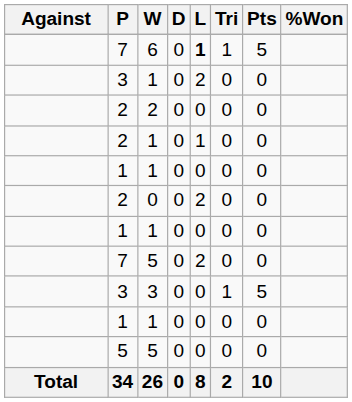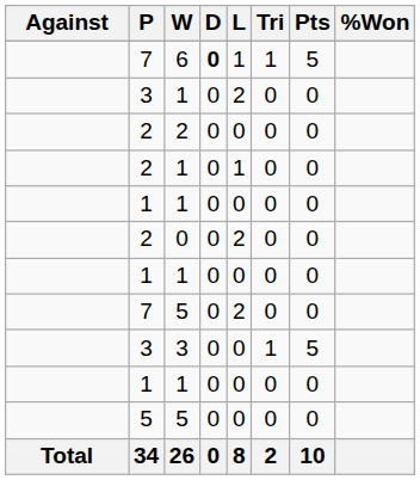 <table class="wikitable sortable"  style="text-align:center; font-size:100%;">
 <tr>
 <th style="width:30%;">Against</th>
 <th abbr="Played" style="width:15px;">P</th>
 <th abbr="Won" style="width:10px;">W</th>
 <th abbr="Drawn" style="width:10px;">D</th>
 <th abbr="Lost" style="width:10px;">L</th>
 <th abbr="Tries" style="width:15px;">Tri</th>
 <th abbr="Points" style="width:18px;">Pts</th>
 <th abbr="Won" style="width:18px;">%Won</th>
 </tr>
 <tr bgcolor="#d0ffd0" align="center">
 </tr>
 <tr>
 <td align="left"></td>
 <td>7</td>
 <td>6</td>
-<td>0</td>
-<td><strong>1</strong></td>
+<td><strong>0</strong></td>
+<td>1</td>
 <td>1</td>
 <td>5</td>
 <td></td>
 </tr>
 <tr>
 <td align="left"></td>
 <td>3</td>
 <td>1</td>
 <td>0</td>
 <td>2</td>
 <td>0</td>
 <td>0</td>
 <td></td>
 </tr>
 <tr>
 <td align="left"></td>
 <td>2</td>
 <td>2</td>
 <td>0</td>
 <td>0</td>
 <td>0</td>
 <td>0</td>
 <td></td>
 </tr>
 <tr>
 <td align="left"></td>
 <td>2</td>
 <td>1</td>
 <td>0</td>
 <td>1</td>
 <td>0</td>
 <td>0</td>
 <td></td>
 </tr>
 <tr>
 <td align="left"></td>
 <td>1</td>
 <td>1</td>
 <td>0</td>
 <td>0</td>
 <td>0</td>
 <td>0</td>
 <td></td>
 </tr>
 <tr>
 <td align="left"></td>
 <td>2</td>
 <td>0</td>
 <td>0</td>
 <td>2</td>
 <td>0</td>
 <td>0</td>
 <td></td>
 </tr>
 <tr>
 <td align="left"></td>
 <td>1</td>
 <td>1</td>
 <td>0</td>
 <td>0</td>
 <td>0</td>
 <td>0</td>
 <td></td>
 </tr>
 <tr>
 <td align="left"></td>
 <td>7</td>
 <td>5</td>
 <td>0</td>
 <td>2</td>
 <td>0</td>
 <td>0</td>
 <td></td>
 </tr>
 <tr>
 <td align="left"></td>
 <td>3</td>
 <td>3</td>
 <td>0</td>
 <td>0</td>
 <td>1</td>
 <td>5</td>
 <td></td>
 </tr>
 <tr>
 <td align="left"></td>
 <td>1</td>
 <td>1</td>
 <td>0</td>
 <td>0</td>
 <td>0</td>
 <td>0</td>
 <td></td>
 </tr>
 <tr>
 <td align="left"></td>
 <td>5</td>
 <td>5</td>
 <td>0</td>
 <td>0</td>
 <td>0</td>
 <td>0</td>
 <td></td>
 </tr>
 <tr>
 <th>Total</th>
 <th>34</th>
 <th>26</th>
 <th>0</th>
 <th>8</th>
 <th>2</th>
 <th>10</th>
 <th></th>
 </tr>
 </table>
